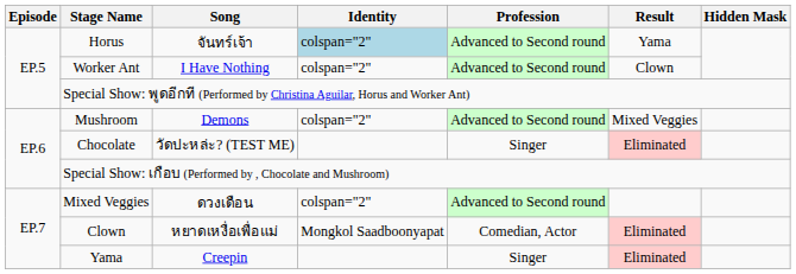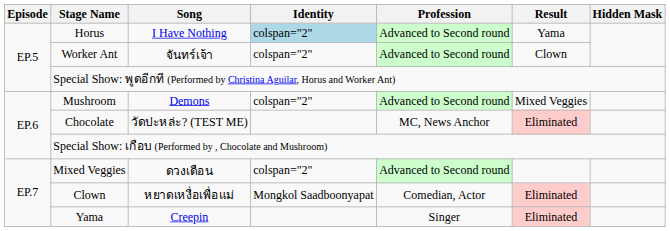 <table class="wikitable">
 <tr>
 <th>Episode</th>
 <th>Stage Name</th>
 <th>Song</th>
 <th>Identity</th>
 <th>Profession</th>
 <th>Result</th>
 <th>Hidden Mask</th>
 </tr>
 <tr>
 <td rowspan="3" align="center">EP.5</td>
 <td style="text-align:center;">Horus</td>
-<td style="text-align:center;">จันทร์เจ้า</td>
+<td style="text-align:center;"><a href='#'>I Have Nothing</a></td>
 <td style="background: lightblue;">colspan="2" </td>
 <td style="text-align:center; background:#ccffcc;">Advanced to Second round</td>
 <td style="text-align:center;">Yama</td>
 </tr>
 <tr>
 <td style="text-align:center;">Worker Ant</td>
-<td style="text-align:center;"><a href='#'>I Have Nothing</a></td>
+<td style="text-align:center;">จันทร์เจ้า</td>
 <td>colspan="2" </td>
 <td style="text-align:center; background:#ccffcc;">Advanced to Second round</td>
 <td style="text-align:center;">Clown</td>
 </tr>
 <tr>
 <td colspan="6">Special Show: พูดอีกที <small>(Performed by <a href='#'>Christina Aguilar</a>, Horus and Worker Ant)</small></td>
 </tr>
 <tr>
 <td rowspan="3" align="center">EP.6</td>
 <td style="text-align:center;">Mushroom</td>
 <td style="text-align:center;"><a href='#'>Demons</a></td>
 <td>colspan="2" </td>
 <td style="text-align:center; background:#ccffcc;">Advanced to Second round</td>
 <td style="text-align:center;">Mixed Veggies</td>
 </tr>
 <tr>
 <td style="text-align:center;">Chocolate</td>
 <td style="text-align:center;">วัดปะหล่ะ? (TEST ME)</td>
 <td style="text-align:center;"></td>
-<td style="text-align:center;">Singer</td>
+<td style="text-align:center;">MC, News Anchor</td>
 <td style="text-align:center; background:#ffcccc;">Eliminated</td>
 <td></td>
 </tr>
 <tr>
 <td colspan="6">Special Show: เกือบ <small>(Performed by , Chocolate and Mushroom)</small></td>
 </tr>
 <tr>
 <td rowspan="3" align="center">EP.7</td>
 <td style="text-align:center;">Mixed Veggies</td>
 <td style="text-align:center;">ดวงเดือน</td>
 <td>colspan="2" </td>
 <td style="text-align:center; background:#ccffcc;">Advanced to Second round</td>
 <td></td>
 </tr>
 <tr>
 <td style="text-align:center;">Clown</td>
 <td style="text-align:center;">หยาดเหงื่อเพื่อแม่</td>
 <td style="text-align:center;">Mongkol Saadboonyapat</td>
 <td style="text-align:center;">Comedian, Actor</td>
 <td style="text-align:center; background:#ffcccc;">Eliminated</td>
 <td></td>
 </tr>
 <tr>
 <td style="text-align:center;">Yama</td>
 <td style="text-align:center;"><a href='#'>Creepin</a></td>
 <td style="text-align:center;"></td>
 <td style="text-align:center;">Singer</td>
 <td style="text-align:center; background:#ffcccc;">Eliminated</td>
 <td></td>
 </tr>
 </table>
